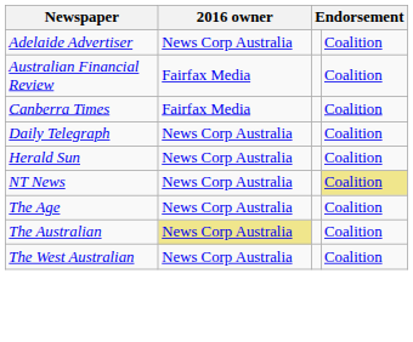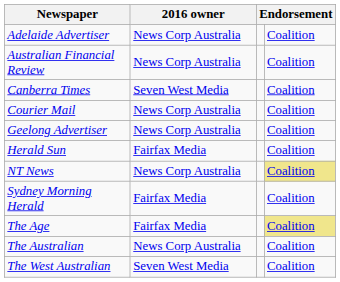 <table class="wikitable floatright collapsible expanded">
 <tr>
 <th style="width:150px;">Newspaper</th>
 <th style="width:150px;">2016 owner</th>
 <th colspan=2>Endorsement</th>
 </tr>
 <tr>
 <td><em><a href='#'>Adelaide Advertiser</a></em></td>
 <td><a href='#'>News Corp Australia</a></td>
 <td style="background-color: "></td>
 <td><a href='#'>Coalition</a></td>
 </tr>
 <tr>
 <td><em><a href='#'>Australian Financial Review</a></em></td>
-<td><a href='#'>Fairfax Media</a></td>
+<td><a href='#'>News Corp Australia</a></td>
 <td style="background-color: "></td>
 <td><a href='#'>Coalition</a></td>
 </tr>
 <tr>
 <td><em><a href='#'>Canberra Times</a></em></td>
-<td><a href='#'>Fairfax Media</a></td>
+<td><a href='#'>Seven West Media</a></td>
 <td style="background-color: "></td>
 <td><a href='#'>Coalition</a></td>
 </tr>
 <tr>
-<td><em><a href='#'>Daily Telegraph</a></em></td>
+<td><em><a href='#'>Courier Mail</a></em></td>
+<td><a href='#'>News Corp Australia</a></td>
+<td style="background-color: "></td>
+<td><a href='#'>Coalition</a></td>
+</tr>
+<tr>
+<td><em><a href='#'>Geelong Advertiser</a></em></td>
 <td><a href='#'>News Corp Australia</a></td>
 <td style="background-color: "></td>
 <td><a href='#'>Coalition</a></td>
 </tr>
 <tr>
 <td><em><a href='#'>Herald Sun</a></em></td>
-<td><a href='#'>News Corp Australia</a></td>
+<td><a href='#'>Fairfax Media</a></td>
 <td style="background-color: "></td>
 <td><a href='#'>Coalition</a></td>
 </tr>
 <tr>
 <td><em><a href='#'>NT News</a></em></td>
 <td><a href='#'>News Corp Australia</a></td>
 <td style="background-color: "></td>
 <td style="background: khaki;"><a href='#'>Coalition</a></td>
 </tr>
 <tr>
+<td><em><a href='#'>Sydney Morning Herald</a></em></td>
+<td><a href='#'>Fairfax Media</a></td>
+<td style="background-color: "></td>
+<td><a href='#'>Coalition</a></td>
+</tr>
+<tr>
 <td><em><a href='#'>The Age</a></em></td>
+<td><a href='#'>Fairfax Media</a></td>
+<td style="background-color: "></td>
+<td style="background: khaki;"><a href='#'>Coalition</a></td>
+</tr>
+<tr>
+<td><em><a href='#'>The Australian</a></em></td>
 <td><a href='#'>News Corp Australia</a></td>
 <td style="background-color: "></td>
 <td><a href='#'>Coalition</a></td>
 </tr>
 <tr>
-<td><em><a href='#'>The Australian</a></em></td>
-<td style="background: khaki;"><a href='#'>News Corp Australia</a></td>
-<td style="background-color: "></td>
-<td><a href='#'>Coalition</a></td>
-</tr>
-<tr>
 <td><em><a href='#'>The West Australian</a></em></td>
-<td><a href='#'>News Corp Australia</a></td>
+<td><a href='#'>Seven West Media</a></td>
 <td style="background-color: "></td>
 <td><a href='#'>Coalition</a></td>
 </tr>
 </table>
